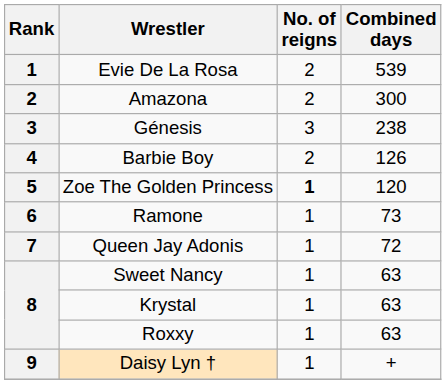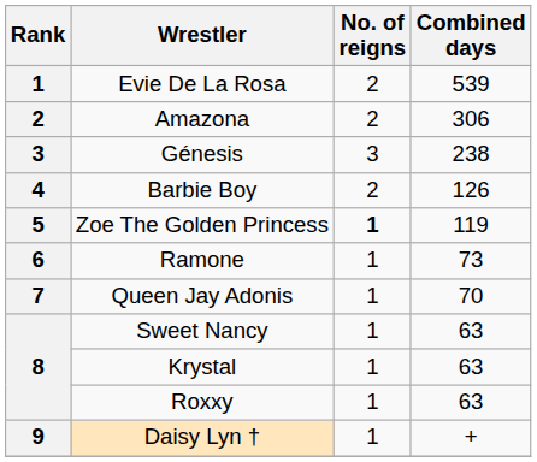 <table class="wikitable sortable" style="text-align: center">
 <tr>
 <th>Rank</th>
 <th>Wrestler</th>
 <th>No. of<br>reigns</th>
 <th>Combined<br>days</th>
 </tr>
 <tr>
 <th>1</th>
 <td>Evie De La Rosa</td>
 <td>2</td>
 <td>539</td>
 </tr>
 <tr>
 <th>2</th>
 <td>Amazona</td>
 <td>2</td>
-<td>300</td>
+<td>306</td>
 </tr>
 <tr>
 <th>3</th>
 <td>Génesis</td>
 <td>3</td>
 <td>238</td>
 </tr>
 <tr>
 <th>4</th>
 <td>Barbie Boy</td>
 <td>2</td>
 <td>126</td>
 </tr>
 <tr>
 <th>5</th>
 <td>Zoe The Golden Princess</td>
 <td><strong>1</strong></td>
-<td>120</td>
+<td>119</td>
 </tr>
 <tr>
 <th>6</th>
 <td>Ramone</td>
 <td>1</td>
 <td>73</td>
 </tr>
 <tr>
 <th>7</th>
 <td>Queen Jay Adonis</td>
 <td>1</td>
-<td>72</td>
+<td>70</td>
 </tr>
 <tr>
 <th rowspan=3>8</th>
 <td>Sweet Nancy</td>
 <td>1</td>
 <td>63</td>
 </tr>
 <tr>
 <td>Krystal</td>
 <td>1</td>
 <td>63</td>
 </tr>
 <tr>
 <td>Roxxy</td>
 <td>1</td>
 <td>63</td>
 </tr>
 <tr>
 <th>9</th>
 <td style="background:#ffe6bd;">Daisy Lyn †</td>
 <td>1</td>
 <td>+</td>
 </tr>
 <tr>
 </tr>
 </table>
